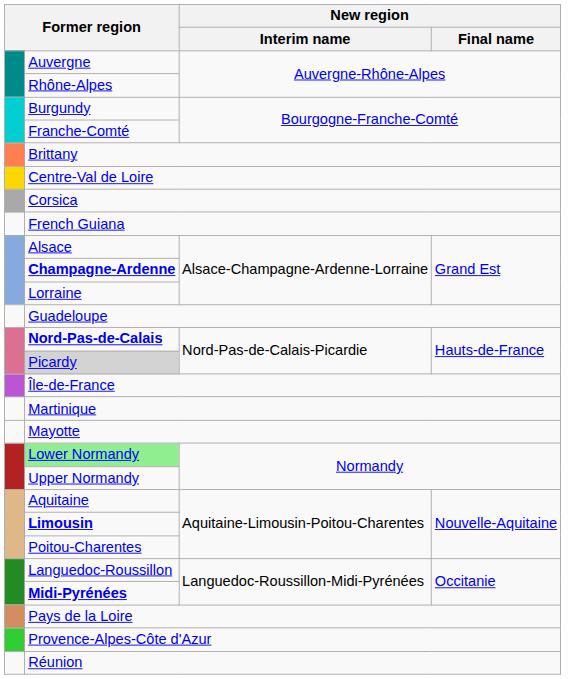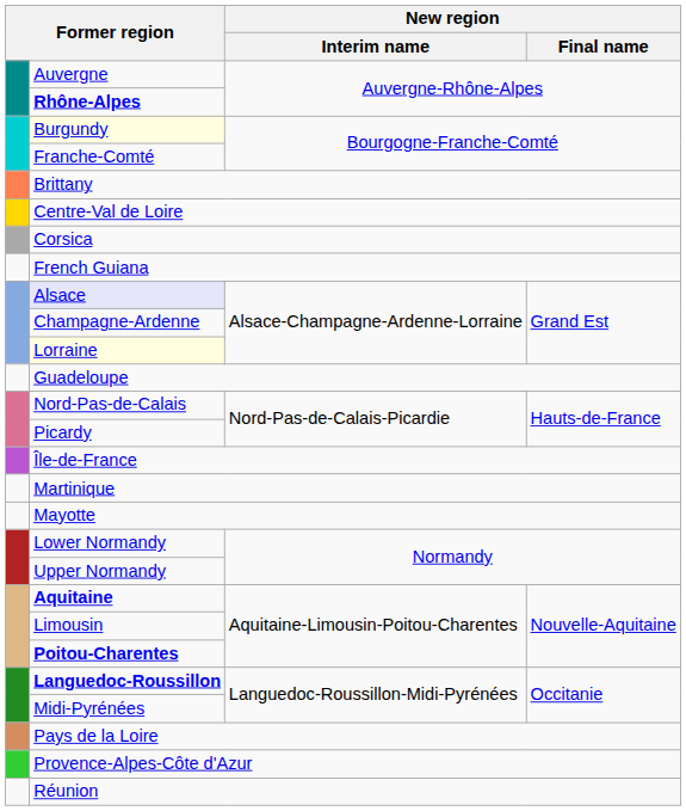 <table class="wikitable sortable">
 <tr>
 <th rowspan="2" colspan="2" style="text-align: center;">Former region</th>
 <th colspan=2>New region</th>
 </tr>
 <tr>
 <th>Interim name</th>
 <th>Final name</th>
 </tr>
 <tr>
 <td rowspan="2" style="background: #008B8B"></td>
 <td><a href='#'>Auvergne</a></td>
 <td rowspan="2" colspan="2" style="text-align: center;"><a href='#'>Auvergne-Rhône-Alpes</a></td>
 </tr>
 <tr>
-<td><a href='#'>Rhône-Alpes</a></td>
+<td><strong><a href='#'>Rhône-Alpes</a></strong></td>
 </tr>
 <tr>
 <td rowspan="2" style="background: #00CED1; width:15px;"></td>
-<td><a href='#'>Burgundy</a></td>
+<td style="background: lightyellow;"><a href='#'>Burgundy</a></td>
 <td rowspan="2" colspan="2" style="text-align: center;"><a href='#'>Bourgogne-Franche-Comté</a></td>
 </tr>
 <tr>
 <td><a href='#'>Franche-Comté</a></td>
 </tr>
 <tr>
 <td style="background: #ff7f50; width:15px;"></td>
 <td colspan=3><a href='#'>Brittany</a></td>
 </tr>
 <tr>
 <td style="background: #FFD700"></td>
 <td colspan=3><a href='#'>Centre-Val de Loire</a></td>
 </tr>
 <tr>
 <td style="background: #a9a9a9"></td>
 <td colspan=3><a href='#'>Corsica</a></td>
 </tr>
 <tr>
 <td></td>
 <td colspan=3><a href='#'>French Guiana</a></td>
 </tr>
 <tr>
 <td rowspan="3" style="background: #86aae0"></td>
-<td><a href='#'>Alsace</a></td>
+<td style="background: lavender;"><a href='#'>Alsace</a></td>
 <td rowspan="3">Alsace-Champagne-Ardenne-Lorraine</td>
 <td rowspan="3"><a href='#'>Grand Est</a></td>
 </tr>
 <tr>
-<td><strong><a href='#'>Champagne-Ardenne</a></strong></td>
+<td><a href='#'>Champagne-Ardenne</a></td>
 </tr>
 <tr>
-<td><a href='#'>Lorraine</a></td>
+<td style="background: lightyellow;"><a href='#'>Lorraine</a></td>
 </tr>
 <tr>
 <td></td>
 <td colspan=3><a href='#'>Guadeloupe</a></td>
 </tr>
 <tr>
 <td rowspan="2" style="background: #db7093"></td>
-<td><strong><a href='#'>Nord-Pas-de-Calais</a></strong></td>
+<td><a href='#'>Nord-Pas-de-Calais</a></td>
 <td rowspan="2">Nord-Pas-de-Calais-Picardie</td>
 <td rowspan="2"><a href='#'>Hauts-de-France</a></td>
 </tr>
 <tr>
-<td style="background: lightgrey;"><a href='#'>Picardy</a></td>
+<td><a href='#'>Picardy</a></td>
 </tr>
 <tr>
 <td style="background: #ba55d3; width:15px;"></td>
 <td colspan=3><a href='#'>Île-de-France</a></td>
 </tr>
 <tr>
 <td></td>
 <td colspan=3><a href='#'>Martinique</a></td>
 </tr>
 <tr>
 <td></td>
 <td colspan=3><a href='#'>Mayotte</a></td>
 </tr>
 <tr>
 <td rowspan="2" style="background: #b22222"></td>
-<td style="background: lightgreen;"><a href='#'>Lower Normandy</a></td>
+<td><a href='#'>Lower Normandy</a></td>
 <td rowspan="2" colspan="2" style="text-align: center;"><a href='#'>Normandy</a></td>
 </tr>
 <tr>
 <td><a href='#'>Upper Normandy</a></td>
 </tr>
 <tr>
 <td rowspan="3" style="background: #DEB887"></td>
-<td><a href='#'>Aquitaine</a></td>
+<td><strong><a href='#'>Aquitaine</a></strong></td>
 <td rowspan="3">Aquitaine-Limousin-Poitou-Charentes</td>
 <td rowspan="3"><a href='#'>Nouvelle-Aquitaine</a></td>
 </tr>
 <tr>
-<td><strong><a href='#'>Limousin</a></strong></td>
+<td><a href='#'>Limousin</a></td>
 </tr>
 <tr>
-<td><a href='#'>Poitou-Charentes</a></td>
+<td><strong><a href='#'>Poitou-Charentes</a></strong></td>
 </tr>
 <tr>
 <td rowspan="2" style="background: #228b22"></td>
-<td><a href='#'>Languedoc-Roussillon</a></td>
+<td><strong><a href='#'>Languedoc-Roussillon</a></strong></td>
 <td rowspan="2">Languedoc-Roussillon-Midi-Pyrénées</td>
 <td rowspan="2"><a href='#'>Occitanie</a></td>
 </tr>
 <tr>
-<td><strong><a href='#'>Midi-Pyrénées</a></strong></td>
+<td><a href='#'>Midi-Pyrénées</a></td>
 </tr>
 <tr>
 <td style="background: #d38d5f"></td>
 <td colspan=3><a href='#'>Pays de la Loire</a></td>
 </tr>
 <tr>
 <td style="background: #32cd32"></td>
 <td colspan=3><a href='#'>Provence-Alpes-Côte d'Azur</a></td>
 </tr>
 <tr>
 <td></td>
 <td colspan=3><a href='#'>Réunion</a></td>
 </tr>
 </table>
